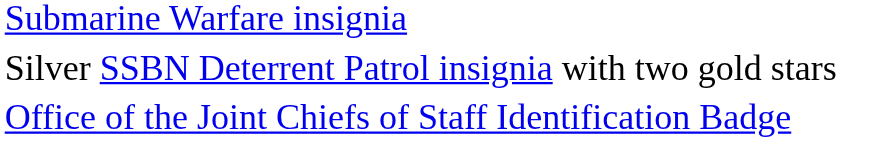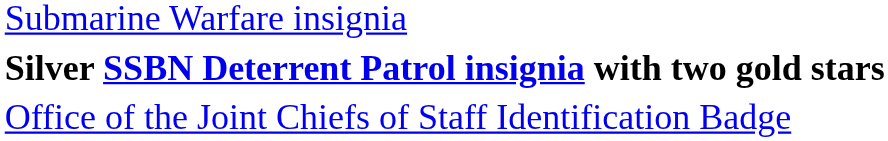 <table>
 <tr>
 <td> <a href='#'>Submarine Warfare insignia</a></td>
 </tr>
 <tr>
-<td><span></span><span></span> Silver <a href='#'>SSBN Deterrent Patrol insignia</a> with two gold stars</td>
+<td><strong><span></span><span></span> Silver <a href='#'>SSBN Deterrent Patrol insignia</a> with two gold stars</strong></td>
 </tr>
 <tr>
 <td> <a href='#'>Office of the Joint Chiefs of Staff Identification Badge</a></td>
 </tr>
 </table>
